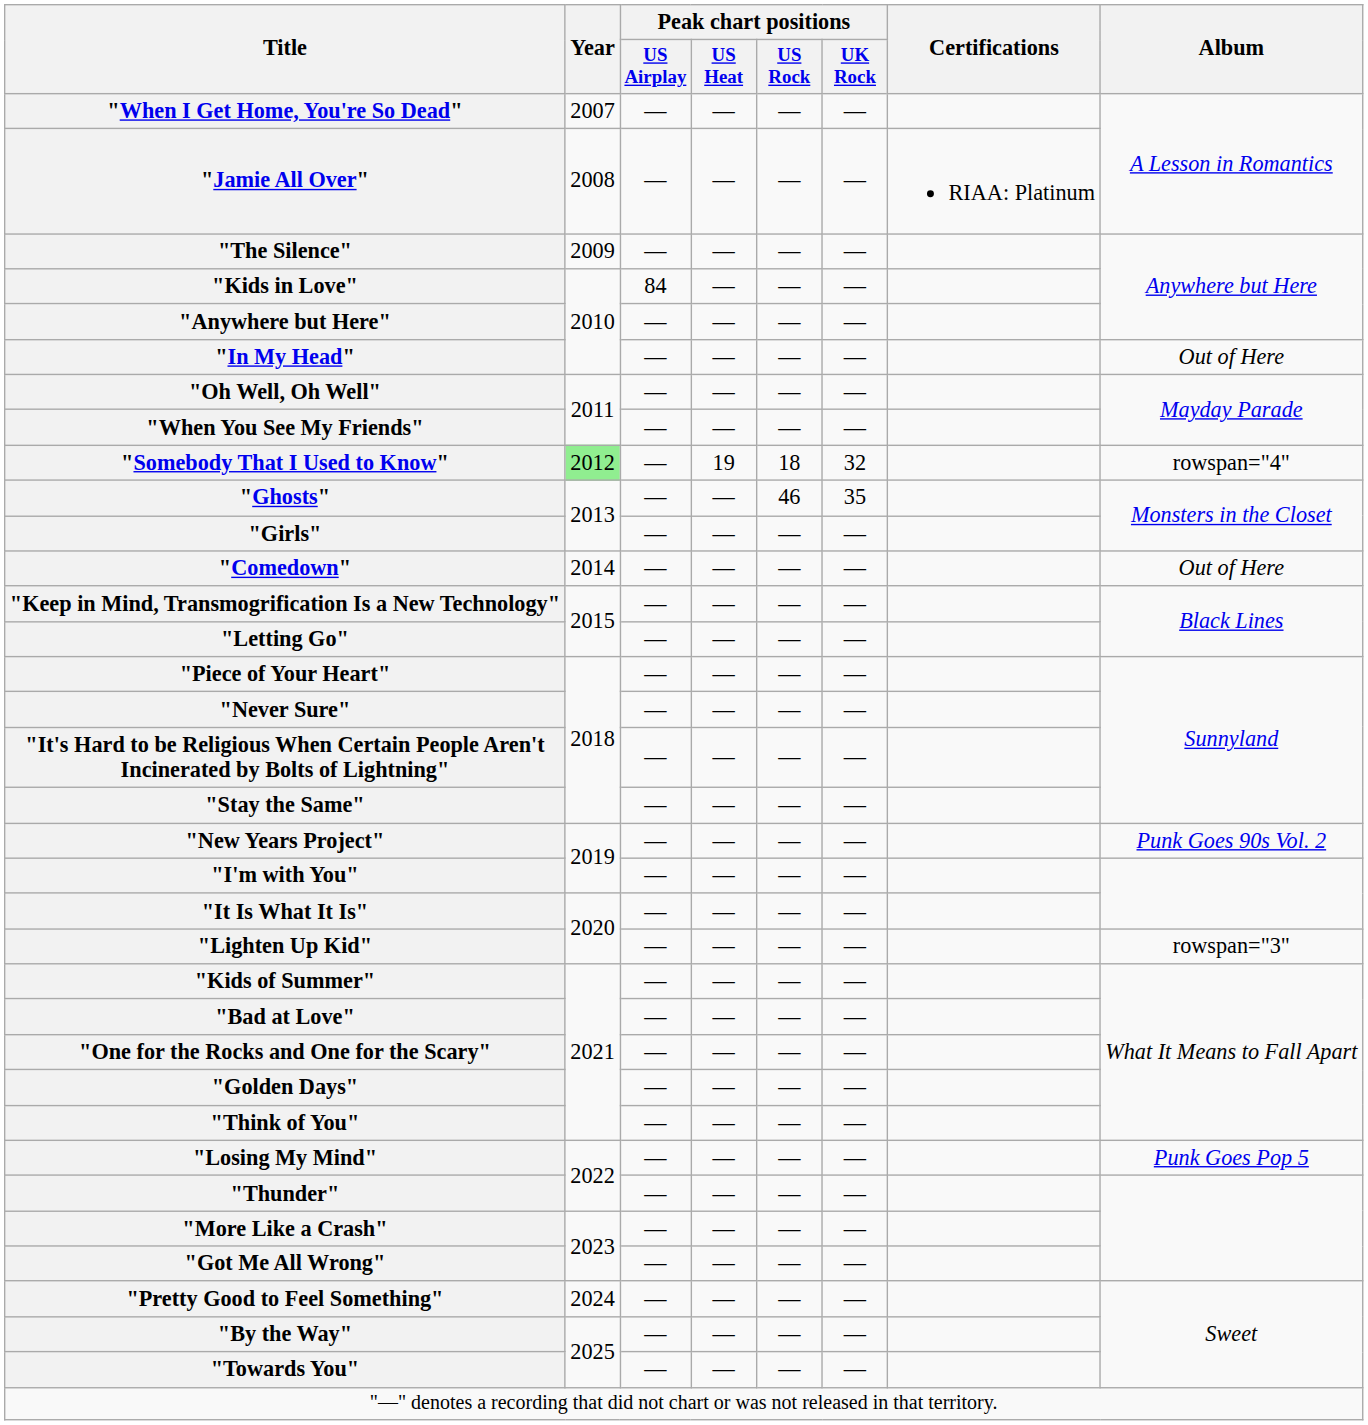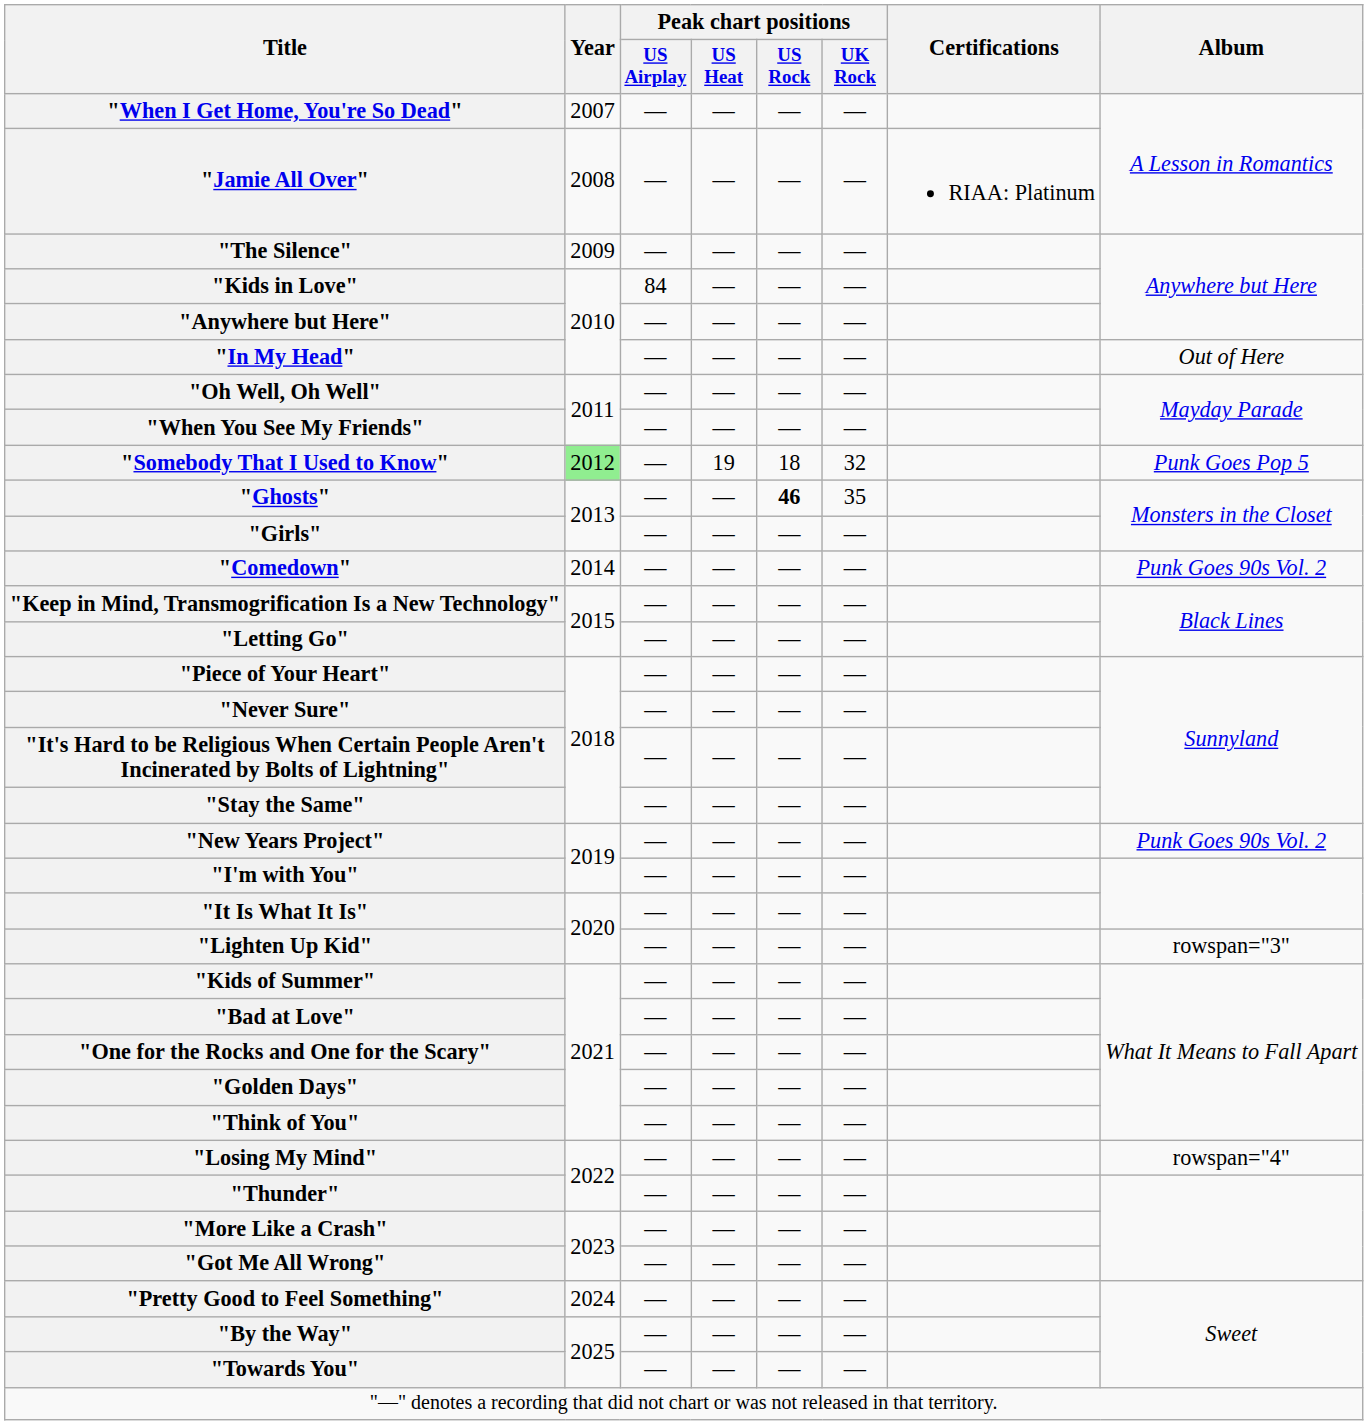 <table class="wikitable plainrowheaders" style="text-align:center;">
 <tr>
 <th scope=col rowspan="2">Title</th>
 <th scope=col rowspan="2">Year</th>
 <th scope=col colspan="4">Peak chart positions</th>
 <th rowspan="2">Certifications</th>
 <th rowspan="2" scope="col">Album</th>
 </tr>
 <tr>
 <th style="width:3em;font-size:85%;"><a href='#'>US<br>Airplay</a><br></th>
 <th style="width:3em;font-size:85%;"><a href='#'>US<br>Heat</a><br></th>
 <th style="width:3em;font-size:85%;"><a href='#'>US<br>Rock</a><br></th>
 <th style="width:3em;font-size:85%;"><a href='#'>UK<br>Rock</a><br></th>
 </tr>
 <tr>
 <th scope="row">"<a href='#'>When I Get Home, You're So Dead</a>"</th>
 <td>2007</td>
 <td>—</td>
 <td>—</td>
 <td>—</td>
 <td>—</td>
 <td></td>
 <td rowspan="2"><em><a href='#'>A Lesson in Romantics</a></em></td>
 </tr>
 <tr>
 <th scope="row">"<a href='#'>Jamie All Over</a>"</th>
 <td>2008</td>
 <td>—</td>
 <td>—</td>
 <td>—</td>
 <td>—</td>
 <td><br><ul><li>RIAA: Platinum</li></ul></td>
 </tr>
 <tr>
 <th scope="row">"The Silence"</th>
 <td>2009</td>
 <td>—</td>
 <td>—</td>
 <td>—</td>
 <td>—</td>
 <td></td>
 <td rowspan="3"><em><a href='#'>Anywhere but Here</a></em></td>
 </tr>
 <tr>
 <th scope="row">"Kids in Love"</th>
 <td rowspan="3">2010</td>
 <td>84</td>
 <td>—</td>
 <td>—</td>
 <td>—</td>
 <td></td>
 </tr>
 <tr>
 <th scope="row">"Anywhere but Here"</th>
 <td>—</td>
 <td>—</td>
 <td>—</td>
 <td>—</td>
 <td></td>
 </tr>
 <tr>
 <th scope="row">"<a href='#'>In My Head</a>"</th>
 <td>—</td>
 <td>—</td>
 <td>—</td>
 <td>—</td>
 <td></td>
 <td><em>Out of Here</em></td>
 </tr>
 <tr>
 <th scope="row">"Oh Well, Oh Well"</th>
 <td rowspan="2">2011</td>
 <td>—</td>
 <td>—</td>
 <td>—</td>
 <td>—</td>
 <td></td>
 <td rowspan="2"><em><a href='#'>Mayday Parade</a></em></td>
 </tr>
 <tr>
 <th scope="row">"When You See My Friends"</th>
 <td>—</td>
 <td>—</td>
 <td>—</td>
 <td>—</td>
 <td></td>
 </tr>
 <tr>
 <th scope="row">"<a href='#'>Somebody That I Used to Know</a>"</th>
 <td style="background: lightgreen;">2012</td>
 <td>—</td>
 <td>19</td>
 <td>18</td>
 <td>32</td>
 <td></td>
-<td>rowspan="4" </td>
+<td><em><a href='#'>Punk Goes Pop 5</a></em></td>
 </tr>
 <tr>
 <th scope="row">"<a href='#'>Ghosts</a>"</th>
 <td rowspan="2">2013</td>
 <td>—</td>
 <td>—</td>
-<td>46</td>
+<td><strong>46</strong></td>
 <td>35</td>
 <td></td>
 <td rowspan="2"><em><a href='#'>Monsters in the Closet</a></em></td>
 </tr>
 <tr>
 <th scope="row">"Girls"</th>
 <td>—</td>
 <td>—</td>
 <td>—</td>
 <td>—</td>
 <td></td>
 </tr>
 <tr>
 <th scope="row">"<a href='#'>Comedown</a>"</th>
 <td>2014</td>
 <td>—</td>
 <td>—</td>
 <td>—</td>
 <td>—</td>
 <td></td>
-<td><em>Out of Here</em></td>
+<td><em><a href='#'>Punk Goes 90s Vol. 2</a></em></td>
 </tr>
 <tr>
 <th scope="row">"Keep in Mind, Transmogrification Is a New Technology"</th>
 <td rowspan="2">2015</td>
 <td>—</td>
 <td>—</td>
 <td>—</td>
 <td>—</td>
 <td></td>
 <td rowspan="2"><em><a href='#'>Black Lines</a></em></td>
 </tr>
 <tr>
 <th scope="row">"Letting Go"</th>
 <td>—</td>
 <td>—</td>
 <td>—</td>
 <td>—</td>
 <td></td>
 </tr>
 <tr>
 <th scope="row">"Piece of Your Heart"</th>
 <td rowspan="4">2018</td>
 <td>—</td>
 <td>—</td>
 <td>—</td>
 <td>—</td>
 <td></td>
 <td rowspan="4"><em><a href='#'>Sunnyland</a></em></td>
 </tr>
 <tr>
 <th scope="row">"Never Sure"</th>
 <td>—</td>
 <td>—</td>
 <td>—</td>
 <td>—</td>
 <td></td>
 </tr>
 <tr>
 <th scope="row">"It's Hard to be Religious When Certain People Aren't<br>Incinerated by Bolts of Lightning"</th>
 <td>—</td>
 <td>—</td>
 <td>—</td>
 <td>—</td>
 <td></td>
 </tr>
 <tr>
 <th scope="row">"Stay the Same"</th>
 <td>—</td>
 <td>—</td>
 <td>—</td>
 <td>—</td>
 <td></td>
 </tr>
 <tr>
 <th scope="row">"New Years Project"</th>
 <td rowspan="2">2019</td>
 <td>—</td>
 <td>—</td>
 <td>—</td>
 <td>—</td>
 <td></td>
 <td><em><a href='#'>Punk Goes 90s Vol. 2</a></em></td>
 </tr>
 <tr>
 <th scope="row">"I'm with You"</th>
 <td>—</td>
 <td>—</td>
 <td>—</td>
 <td>—</td>
 <td></td>
 </tr>
 <tr>
 <th scope="row">"It Is What It Is"</th>
 <td rowspan="2">2020</td>
 <td>—</td>
 <td>—</td>
 <td>—</td>
 <td>—</td>
 <td></td>
 </tr>
 <tr>
 <th scope="row">"Lighten Up Kid"</th>
 <td>—</td>
 <td>—</td>
 <td>—</td>
 <td>—</td>
 <td></td>
 <td>rowspan="3" </td>
 </tr>
 <tr>
 <th scope="row">"Kids of Summer"</th>
 <td rowspan="5">2021</td>
 <td>—</td>
 <td>—</td>
 <td>—</td>
 <td>—</td>
 <td></td>
 <td rowspan="5"><em>What It Means to Fall Apart</em></td>
 </tr>
 <tr>
 <th scope="row">"Bad at Love"</th>
 <td>—</td>
 <td>—</td>
 <td>—</td>
 <td>—</td>
 <td></td>
 </tr>
 <tr>
 <th scope="row">"One for the Rocks and One for the Scary"</th>
 <td>—</td>
 <td>—</td>
 <td>—</td>
 <td>—</td>
 <td></td>
 </tr>
 <tr>
 <th scope="row">"Golden Days"</th>
 <td>—</td>
 <td>—</td>
 <td>—</td>
 <td>—</td>
 <td></td>
 </tr>
 <tr>
 <th scope="row">"Think of You"</th>
 <td>—</td>
 <td>—</td>
 <td>—</td>
 <td>—</td>
 <td></td>
 </tr>
 <tr>
 <th scope="row">"Losing My Mind"</th>
 <td rowspan="2">2022</td>
 <td>—</td>
 <td>—</td>
 <td>—</td>
 <td>—</td>
 <td></td>
-<td><em><a href='#'>Punk Goes Pop 5</a></em></td>
+<td>rowspan="4" </td>
 </tr>
 <tr>
 <th scope="row">"Thunder"</th>
 <td>—</td>
 <td>—</td>
 <td>—</td>
 <td>—</td>
 <td></td>
 </tr>
 <tr>
 <th scope="row">"More Like a Crash"</th>
 <td rowspan="2">2023</td>
 <td>—</td>
 <td>—</td>
 <td>—</td>
 <td>—</td>
 <td></td>
 </tr>
 <tr>
 <th scope="row">"Got Me All Wrong"</th>
 <td>—</td>
 <td>—</td>
 <td>—</td>
 <td>—</td>
 <td></td>
 </tr>
 <tr>
 <th scope="row">"Pretty Good to Feel Something"</th>
 <td>2024</td>
 <td>—</td>
 <td>—</td>
 <td>—</td>
 <td>—</td>
 <td></td>
 <td rowspan="3"><em>Sweet</em></td>
 </tr>
 <tr>
 <th scope="row">"By the Way"</th>
 <td rowspan="2">2025</td>
 <td>—</td>
 <td>—</td>
 <td>—</td>
 <td>—</td>
 <td></td>
 </tr>
 <tr>
 <th scope="row">"Towards You"</th>
 <td>—</td>
 <td>—</td>
 <td>—</td>
 <td>—</td>
 <td></td>
 </tr>
 <tr>
 <td colspan="9" style="font-size:90%">"—" denotes a recording that did not chart or was not released in that territory.</td>
 </tr>
 </table>
